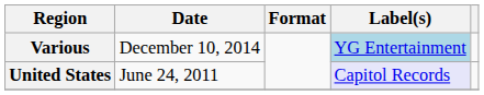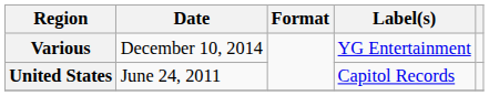 <table class="wikitable plainrowheaders">
 <tr>
 <th>Region</th>
 <th>Date</th>
 <th>Format</th>
 <th>Label(s)</th>
 <th></th>
 </tr>
 <tr>
 <th scope="row">Various</th>
 <td>December 10, 2014</td>
 <td rowspan="2"></td>
-<td style="background: lightblue;"><a href='#'>YG Entertainment</a></td>
+<td><a href='#'>YG Entertainment</a></td>
 <td align="center"></td>
 </tr>
 <tr>
 <th scope="row">United States</th>
 <td>June 24, 2011</td>
-<td style="background: lavender;"><a href='#'>Capitol Records</a></td>
+<td><a href='#'>Capitol Records</a></td>
 <td align="center"></td>
 </tr>
 <tr>
 </tr>
 </table>
